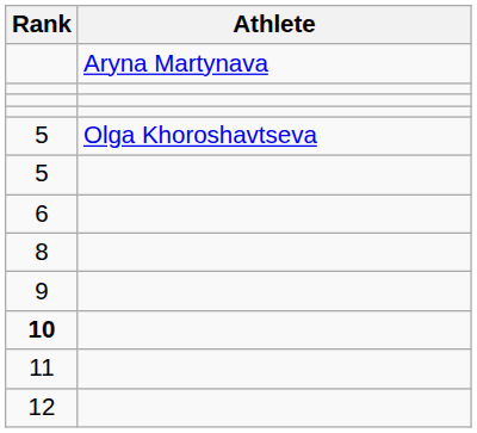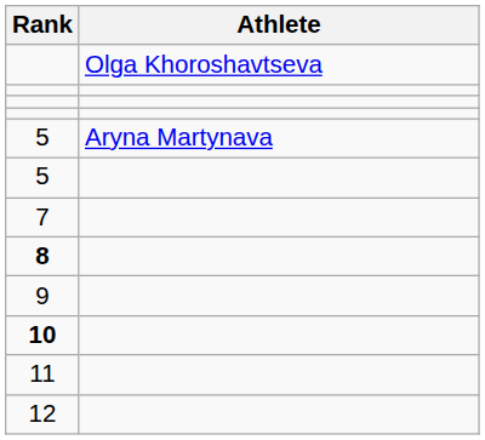 <table class="wikitable" style="text-align: center;">
 <tr>
 <th width=40>Rank</th>
 <th width=250>Athlete</th>
 </tr>
 <tr>
 <td></td>
-<td align="left"> <a href='#'>Aryna Martynava</a>  </td>
+<td align="left"> <a href='#'>Olga Khoroshavtseva</a>  </td>
 </tr>
 <tr>
 <td></td>
 <td align="left"></td>
 </tr>
 <tr>
 <td></td>
 <td align="left"></td>
 </tr>
 <tr>
 <td></td>
 <td align="left"></td>
 </tr>
 <tr>
 <td>5</td>
-<td align="left"> <a href='#'>Olga Khoroshavtseva</a>  </td>
+<td align="left"> <a href='#'>Aryna Martynava</a>  </td>
 </tr>
 <tr>
 <td>5</td>
 <td align="left"></td>
 </tr>
 <tr>
-<td>6</td>
+<td>7</td>
 <td align="left"></td>
 </tr>
 <tr>
-<td>8</td>
+<td><strong>8</strong></td>
 <td align="left"></td>
 </tr>
 <tr>
 <td>9</td>
 <td align="left"></td>
 </tr>
 <tr>
 <td><strong>10</strong></td>
 <td align="left"></td>
 </tr>
 <tr>
 <td>11</td>
 <td align="left"></td>
 </tr>
 <tr>
 <td>12</td>
 <td align="left"></td>
 </tr>
 </table>
